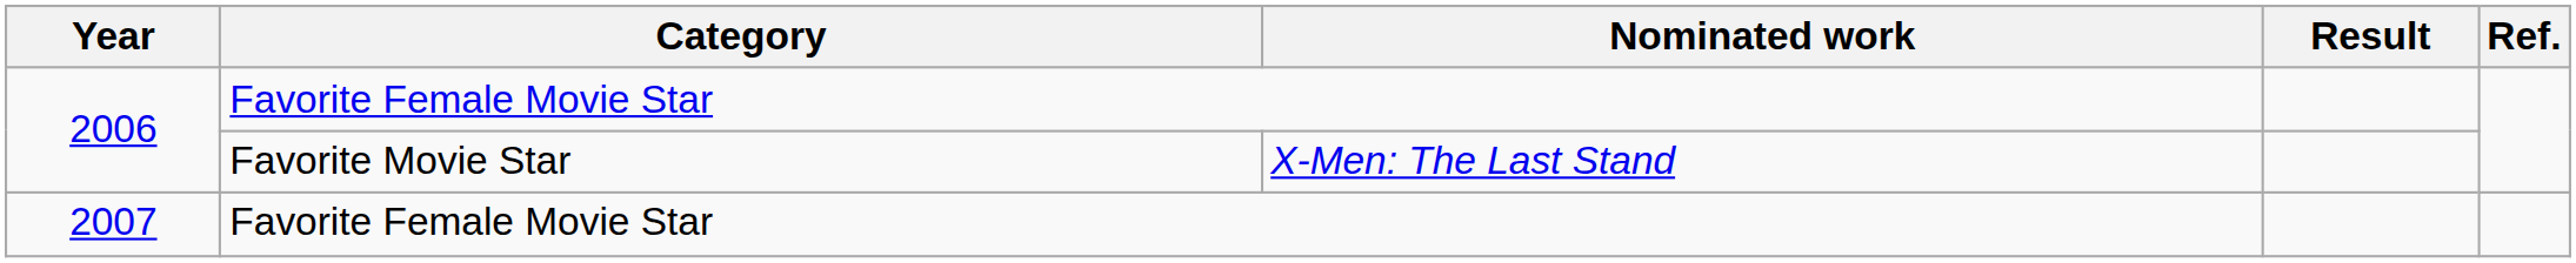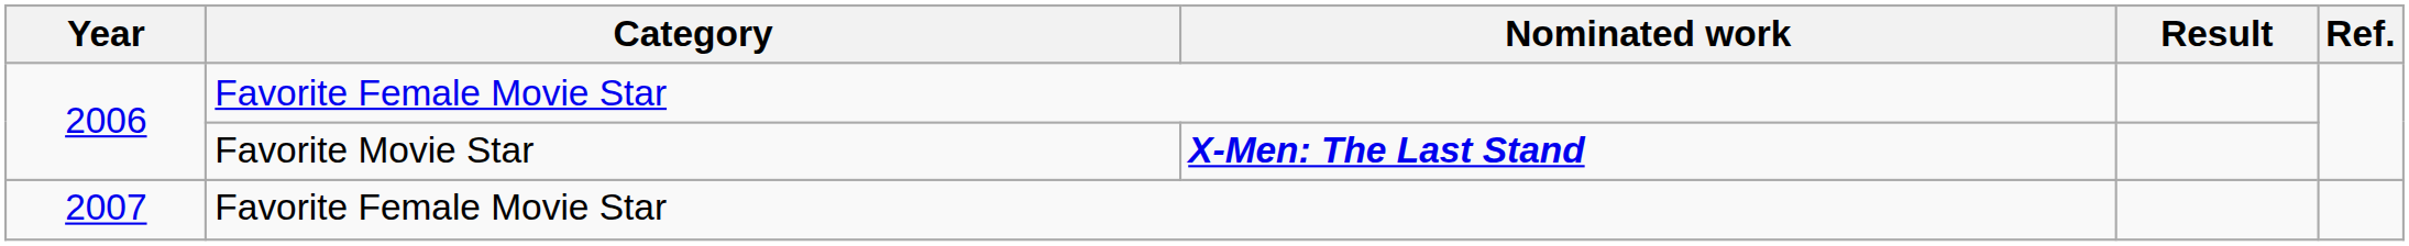 <table class=wikitable>
 <tr>
 <th scope="col" style="width:5em;">Year</th>
 <th scope="col" style="width:26em;">Category</th>
 <th scope="col" style="width:25em;">Nominated work</th>
 <th scope="col" style="width:5em;">Result</th>
 <th>Ref.</th>
 </tr>
 <tr>
 <td style="text-align:center;", rowspan="2"><a href='#'>2006</a></td>
 <td colspan=2><a href='#'>Favorite Female Movie Star</a></td>
 <td></td>
 <td style="text-align:center;" rowspan="2"></td>
 </tr>
 <tr>
 <td>Favorite Movie Star</td>
-<td><em><a href='#'>X-Men: The Last Stand</a></em></td>
+<td><strong><em><a href='#'>X-Men: The Last Stand</a></em></strong></td>
 <td></td>
 </tr>
 <tr>
 <td style="text-align:center;"><a href='#'>2007</a></td>
 <td colspan=2>Favorite Female Movie Star</td>
 <td></td>
 <td style="text-align:center;"></td>
 </tr>
 </table>
